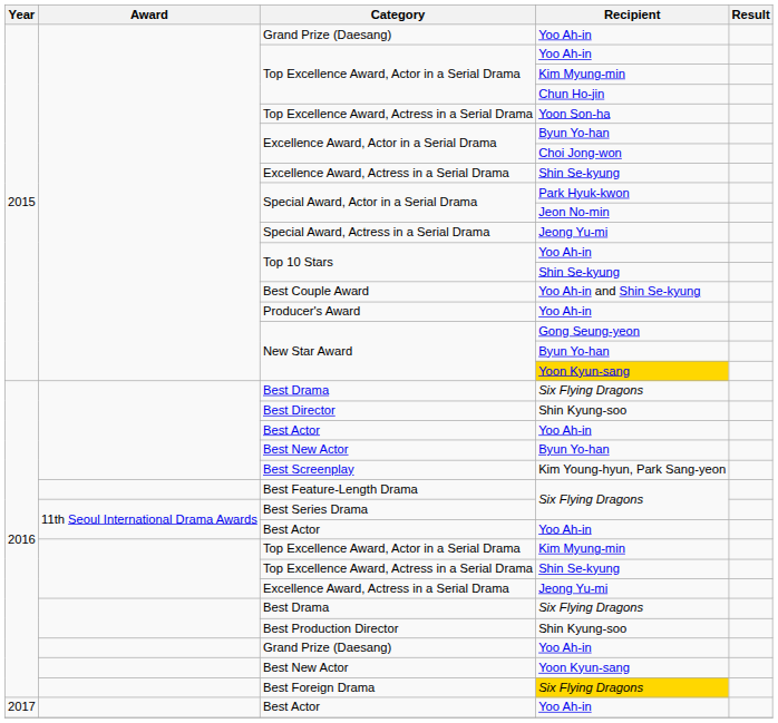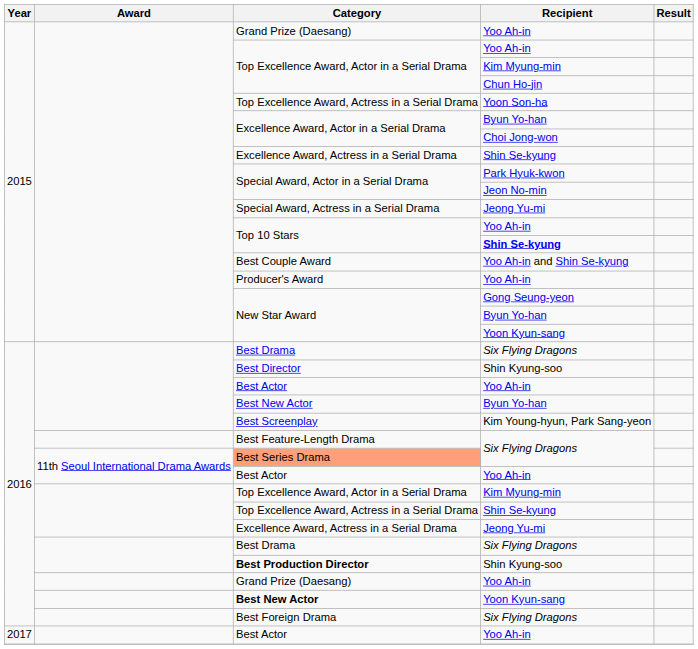 <table class="wikitable sortable">
 <tr>
 <th>Year</th>
 <th>Award</th>
 <th>Category</th>
 <th>Recipient</th>
 <th>Result</th>
 </tr>
 <tr>
 <td rowspan="18">2015</td>
 <td rowspan="18"></td>
 <td>Grand Prize (Daesang)</td>
 <td rowspan="1"><a href='#'>Yoo Ah-in</a></td>
 <td></td>
 </tr>
 <tr>
 <td rowspan="3">Top Excellence Award, Actor in a Serial Drama</td>
 <td><a href='#'>Yoo Ah-in</a></td>
 <td></td>
 </tr>
 <tr>
 <td><a href='#'>Kim Myung-min</a></td>
 <td></td>
 </tr>
 <tr>
 <td><a href='#'>Chun Ho-jin</a></td>
 <td></td>
 </tr>
 <tr>
 <td>Top Excellence Award, Actress in a Serial Drama</td>
 <td><a href='#'>Yoon Son-ha</a></td>
 <td></td>
 </tr>
 <tr>
 <td rowspan="2">Excellence Award, Actor in a Serial Drama</td>
 <td><a href='#'>Byun Yo-han</a></td>
 <td></td>
 </tr>
 <tr>
 <td><a href='#'>Choi Jong-won</a></td>
 <td></td>
 </tr>
 <tr>
 <td>Excellence Award, Actress in a Serial Drama</td>
 <td><a href='#'>Shin Se-kyung</a></td>
 <td></td>
 </tr>
 <tr>
 <td rowspan="2">Special Award, Actor in a Serial Drama</td>
 <td><a href='#'>Park Hyuk-kwon</a></td>
 <td></td>
 </tr>
 <tr>
 <td><a href='#'>Jeon No-min</a></td>
 <td></td>
 </tr>
 <tr>
 <td>Special Award, Actress in a Serial Drama</td>
 <td><a href='#'>Jeong Yu-mi</a></td>
 <td></td>
 </tr>
 <tr>
 <td rowspan="2">Top 10 Stars</td>
 <td><a href='#'>Yoo Ah-in</a></td>
 <td></td>
 </tr>
 <tr>
-<td><a href='#'>Shin Se-kyung</a></td>
+<td><strong><a href='#'>Shin Se-kyung</a></strong></td>
 <td></td>
 </tr>
 <tr>
 <td>Best Couple Award</td>
 <td><a href='#'>Yoo Ah-in</a> and <a href='#'>Shin Se-kyung</a></td>
 <td></td>
 </tr>
 <tr>
 <td>Producer's Award</td>
 <td><a href='#'>Yoo Ah-in</a></td>
 <td></td>
 </tr>
 <tr>
 <td rowspan="3">New Star Award</td>
 <td><a href='#'>Gong Seung-yeon</a></td>
 <td></td>
 </tr>
 <tr>
 <td><a href='#'>Byun Yo-han</a></td>
 <td></td>
 </tr>
 <tr>
-<td style="background: gold;"><a href='#'>Yoon Kyun-sang</a></td>
+<td><a href='#'>Yoon Kyun-sang</a></td>
 <td></td>
 </tr>
 <tr>
 <td rowspan="16">2016</td>
 <td rowspan="5"></td>
 <td><a href='#'>Best Drama</a></td>
 <td><em>Six Flying Dragons</em></td>
 <td></td>
 </tr>
 <tr>
 <td><a href='#'>Best Director</a></td>
 <td>Shin Kyung-soo</td>
 <td></td>
 </tr>
 <tr>
 <td><a href='#'>Best Actor</a></td>
 <td><a href='#'>Yoo Ah-in</a></td>
 <td></td>
 </tr>
 <tr>
 <td><a href='#'>Best New Actor</a></td>
 <td><a href='#'>Byun Yo-han</a></td>
 <td></td>
 </tr>
 <tr>
 <td><a href='#'>Best Screenplay</a></td>
 <td>Kim Young-hyun, Park Sang-yeon</td>
 <td></td>
 </tr>
 <tr>
 <td></td>
 <td>Best Feature-Length Drama</td>
 <td rowspan="2"><em>Six Flying Dragons</em></td>
 <td></td>
 </tr>
 <tr>
 <td rowspan="2" style="text-align:center;">11th <a href='#'>Seoul International Drama Awards</a></td>
-<td>Best Series Drama</td>
+<td style="background: lightsalmon;">Best Series Drama</td>
 <td></td>
 </tr>
 <tr>
 <td>Best Actor</td>
 <td><a href='#'>Yoo Ah-in</a></td>
 <td></td>
 </tr>
 <tr>
 <td rowspan="3"></td>
 <td>Top Excellence Award, Actor in a Serial Drama</td>
 <td><a href='#'>Kim Myung-min</a></td>
 <td></td>
 </tr>
 <tr>
 <td>Top Excellence Award, Actress in a Serial Drama</td>
 <td><a href='#'>Shin Se-kyung</a></td>
 <td></td>
 </tr>
 <tr>
 <td>Excellence Award, Actress in a Serial Drama</td>
 <td><a href='#'>Jeong Yu-mi</a></td>
 <td></td>
 </tr>
 <tr>
 <td rowspan="2"></td>
 <td>Best Drama</td>
 <td><em>Six Flying Dragons</em></td>
 <td></td>
 </tr>
 <tr>
-<td>Best Production Director</td>
+<td><strong>Best Production Director</strong></td>
 <td>Shin Kyung-soo</td>
 <td></td>
 </tr>
 <tr>
 <td></td>
 <td>Grand Prize (Daesang)</td>
 <td><a href='#'>Yoo Ah-in</a></td>
 <td></td>
 </tr>
 <tr>
 <td></td>
-<td>Best New Actor</td>
+<td><strong>Best New Actor</strong></td>
 <td><a href='#'>Yoon Kyun-sang</a></td>
 <td></td>
 </tr>
 <tr>
 <td></td>
 <td>Best Foreign Drama</td>
-<td style="background: gold;"><em>Six Flying Dragons</em></td>
+<td><em>Six Flying Dragons</em></td>
 <td></td>
 </tr>
 <tr>
 <td>2017</td>
 <td></td>
 <td>Best Actor</td>
 <td><a href='#'>Yoo Ah-in</a></td>
 <td></td>
 </tr>
 <tr>
 </tr>
 </table>
